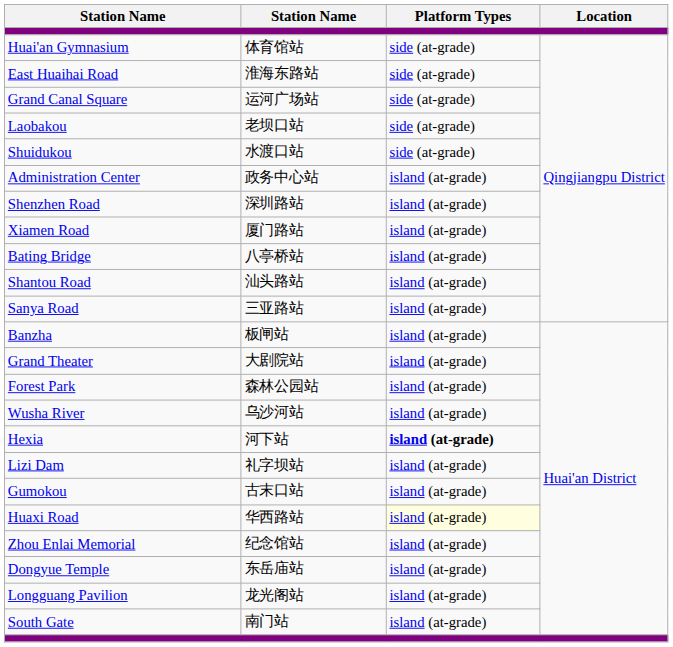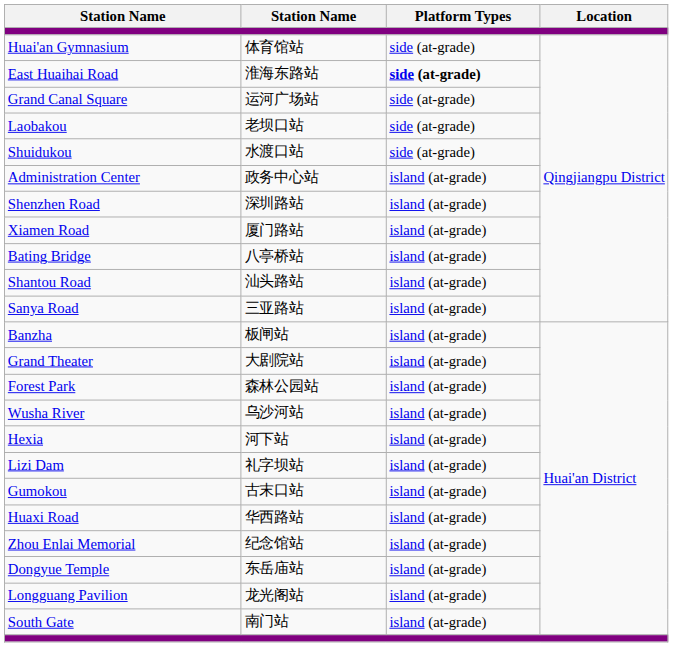 <table class="wikitable">
 <tr>
 <th width = "250pt">Station Name<br></th>
 <th width = "150pt">Station Name<br></th>
 <th width = "160pt">Platform Types</th>
 <th>Location</th>
 </tr>
 <tr style = "background:purple; height: 2pt">
 <td colspan = "4"></td>
 </tr>
 <tr>
 <td><a href='#'>Huai'an Gymnasium</a></td>
 <td><span>体育馆站</span></td>
 <td><a href='#'>side</a> (at-grade)</td>
 <td rowspan="11"><a href='#'>Qingjiangpu District</a></td>
 </tr>
 <tr>
 <td><a href='#'>East Huaihai Road</a></td>
 <td><span>淮海东路站</span></td>
-<td><a href='#'>side</a> (at-grade)</td>
+<td><strong><a href='#'>side</a> (at-grade)</strong></td>
 </tr>
 <tr>
 <td><a href='#'>Grand Canal Square</a></td>
 <td><span>运河广场站</span></td>
 <td><a href='#'>side</a> (at-grade)</td>
 </tr>
 <tr>
 <td><a href='#'>Laobakou</a></td>
 <td><span>老坝口站</span></td>
 <td><a href='#'>side</a> (at-grade)</td>
 </tr>
 <tr>
 <td><a href='#'>Shuidukou</a></td>
 <td><span>水渡口站</span></td>
 <td><a href='#'>side</a> (at-grade)</td>
 </tr>
 <tr>
 <td><a href='#'>Administration Center</a></td>
 <td><span>政务中心站</span></td>
 <td><a href='#'>island</a> (at-grade)</td>
 </tr>
 <tr>
 <td><a href='#'>Shenzhen Road</a></td>
 <td><span>深圳路站</span></td>
 <td><a href='#'>island</a> (at-grade)</td>
 </tr>
 <tr>
 <td><a href='#'>Xiamen Road</a></td>
 <td><span>厦门路站</span></td>
 <td><a href='#'>island</a> (at-grade)</td>
 </tr>
 <tr>
 <td><a href='#'>Bating Bridge</a></td>
 <td><span>八亭桥站</span></td>
 <td><a href='#'>island</a> (at-grade)</td>
 </tr>
 <tr>
 <td><a href='#'>Shantou Road</a></td>
 <td><span>汕头路站</span></td>
 <td><a href='#'>island</a> (at-grade)</td>
 </tr>
 <tr>
 <td><a href='#'>Sanya Road</a></td>
 <td><span>三亚路站</span></td>
 <td><a href='#'>island</a> (at-grade)</td>
 </tr>
 <tr>
 <td><a href='#'>Banzha</a></td>
 <td><span>板闸站</span></td>
 <td><a href='#'>island</a> (at-grade)</td>
 <td rowspan="12"><a href='#'>Huai'an District</a></td>
 </tr>
 <tr>
 <td><a href='#'>Grand Theater</a></td>
 <td><span>大剧院站</span></td>
 <td><a href='#'>island</a> (at-grade)</td>
 </tr>
 <tr>
 <td><a href='#'>Forest Park</a></td>
 <td><span>森林公园站</span></td>
 <td><a href='#'>island</a> (at-grade)</td>
 </tr>
 <tr>
 <td><a href='#'>Wusha River</a></td>
 <td><span>乌沙河站</span></td>
 <td><a href='#'>island</a> (at-grade)</td>
 </tr>
 <tr>
 <td><a href='#'>Hexia</a></td>
 <td><span>河下站</span></td>
-<td><strong><a href='#'>island</a> (at-grade)</strong></td>
+<td><a href='#'>island</a> (at-grade)</td>
 </tr>
 <tr>
 <td><a href='#'>Lizi Dam</a></td>
 <td><span>礼字坝站</span></td>
 <td><a href='#'>island</a> (at-grade)</td>
 </tr>
 <tr>
 <td><a href='#'>Gumokou</a></td>
 <td><span>古末口站</span></td>
 <td><a href='#'>island</a> (at-grade)</td>
 </tr>
 <tr>
 <td><a href='#'>Huaxi Road</a></td>
 <td><span>华西路站</span></td>
-<td style="background: lightyellow;"><a href='#'>island</a> (at-grade)</td>
+<td><a href='#'>island</a> (at-grade)</td>
 </tr>
 <tr>
 <td><a href='#'>Zhou Enlai Memorial</a></td>
 <td><span>纪念馆站</span></td>
 <td><a href='#'>island</a> (at-grade)</td>
 </tr>
 <tr>
 <td><a href='#'>Dongyue Temple</a></td>
 <td><span>东岳庙站</span></td>
 <td><a href='#'>island</a> (at-grade)</td>
 </tr>
 <tr>
 <td><a href='#'>Longguang Pavilion</a></td>
 <td><span>龙光阁站</span></td>
 <td><a href='#'>island</a> (at-grade)</td>
 </tr>
 <tr>
 <td><a href='#'>South Gate</a></td>
 <td><span>南门站</span></td>
 <td><a href='#'>island</a> (at-grade)</td>
 </tr>
 <tr style = "background:purple; height: 2pt">
 <td colspan = "4"></td>
 </tr>
 </table>
